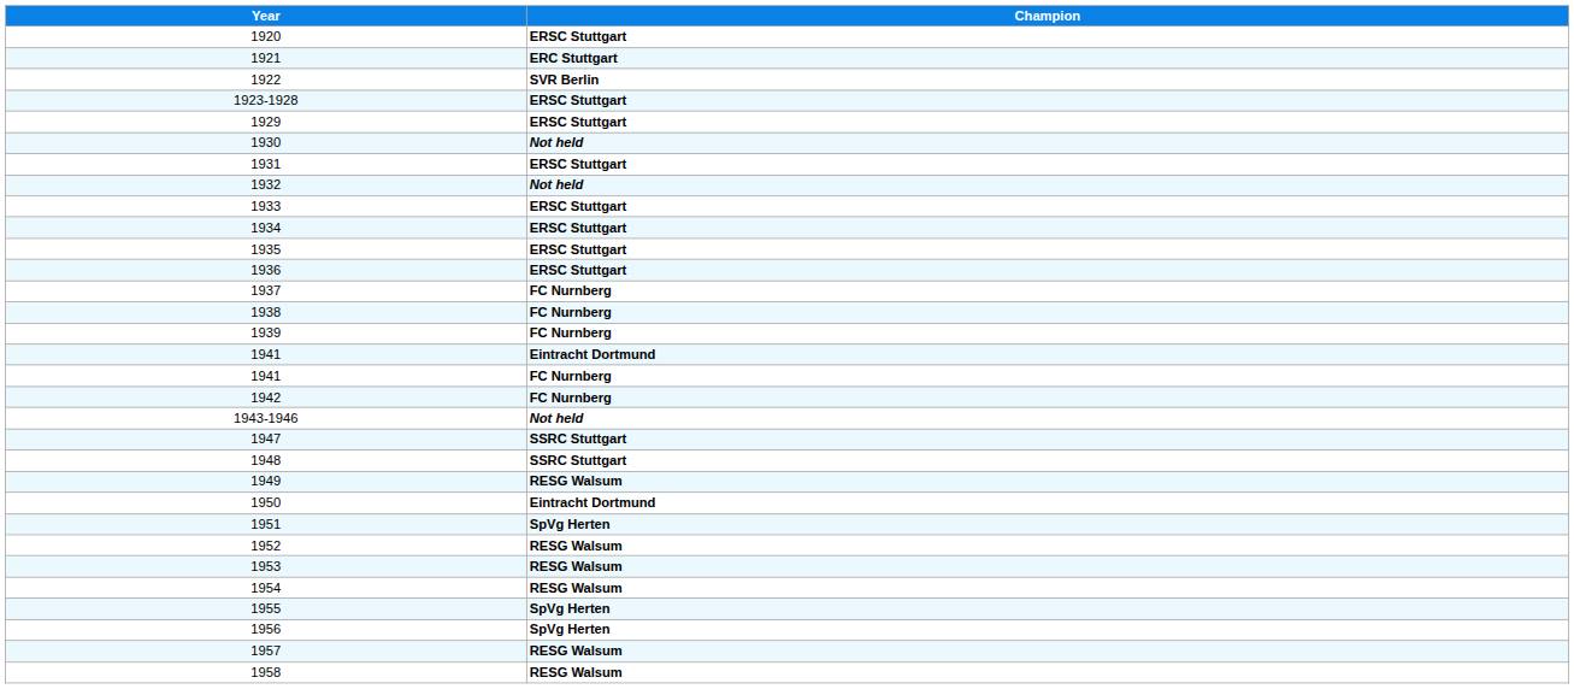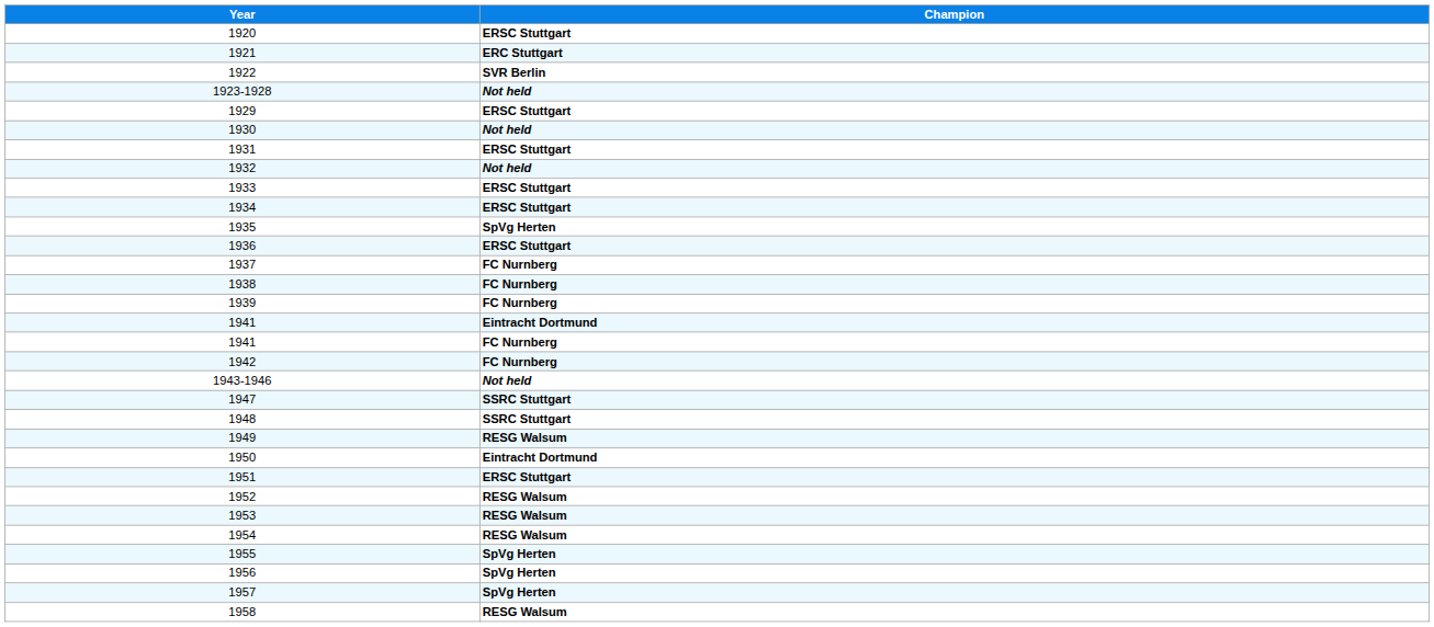 <table class="wikitable" style="font-size:85%; width:100%">
 <tr>
 <th width="33%" style="background:#0981E7;color:#FFFFFF">Year</th>
 <th width="66%" style="background:#0981E7;color:#FFFFFF">Champion</th>
 </tr>
 <tr bgcolor=#FFFFFF>
 <td align="center">1920</td>
 <td><strong>ERSC Stuttgart</strong></td>
 </tr>
 <tr bgcolor="#EBF8FD">
 <td align="center">1921</td>
 <td><strong>ERC Stuttgart</strong></td>
 </tr>
 <tr bgcolor=#FFFFFF>
 <td align="center">1922</td>
 <td><strong>SVR Berlin</strong></td>
 </tr>
 <tr bgcolor="#EBF8FD">
 <td align="center">1923-1928</td>
-<td><strong>ERSC Stuttgart</strong></td>
+<td><strong><em>Not held</em></strong></td>
 </tr>
 <tr bgcolor=#FFFFFF>
 <td align="center">1929</td>
 <td><strong>ERSC Stuttgart</strong></td>
 </tr>
 <tr bgcolor="#EBF8FD">
 <td align="center">1930</td>
 <td><strong><em>Not held</em></strong></td>
 </tr>
 <tr bgcolor=#FFFFFF>
 <td align="center">1931</td>
 <td><strong>ERSC Stuttgart</strong></td>
 </tr>
 <tr bgcolor="#EBF8FD">
 <td align="center">1932</td>
 <td><strong><em>Not held</em></strong></td>
 </tr>
 <tr bgcolor=#FFFFFF>
 <td align="center">1933</td>
 <td><strong>ERSC Stuttgart</strong></td>
 </tr>
 <tr bgcolor="#EBF8FD">
 <td align="center">1934</td>
 <td><strong>ERSC Stuttgart</strong></td>
 </tr>
 <tr bgcolor=#FFFFFF>
 <td align="center">1935</td>
-<td><strong>ERSC Stuttgart</strong></td>
+<td><strong>SpVg Herten</strong></td>
 </tr>
 <tr bgcolor="#EBF8FD">
 <td align="center">1936</td>
 <td><strong>ERSC Stuttgart</strong></td>
 </tr>
 <tr bgcolor=#FFFFFF>
 <td align="center">1937</td>
 <td><strong>FC Nurnberg</strong></td>
 </tr>
 <tr bgcolor="#EBF8FD">
 <td align="center">1938</td>
 <td><strong>FC Nurnberg</strong></td>
 </tr>
 <tr bgcolor=#FFFFFF>
 <td align="center">1939</td>
 <td><strong>FC Nurnberg</strong></td>
 </tr>
 <tr bgcolor="#EBF8FD">
 <td align="center">1941</td>
 <td><strong>Eintracht Dortmund</strong></td>
 </tr>
 <tr bgcolor=#FFFFFF>
 <td align="center">1941</td>
 <td><strong>FC Nurnberg</strong></td>
 </tr>
 <tr bgcolor="#EBF8FD">
 <td align="center">1942</td>
 <td><strong>FC Nurnberg</strong></td>
 </tr>
 <tr bgcolor=#FFFFFF>
 <td align="center">1943-1946</td>
 <td><strong><em>Not held</em></strong></td>
 </tr>
 <tr bgcolor="#EBF8FD">
 <td align="center">1947</td>
 <td><strong>SSRC Stuttgart</strong></td>
 </tr>
 <tr bgcolor=#FFFFFF>
 <td align="center">1948</td>
 <td><strong>SSRC Stuttgart</strong></td>
 </tr>
 <tr bgcolor="#EBF8FD">
 <td align="center">1949</td>
 <td><strong>RESG Walsum</strong></td>
 </tr>
 <tr bgcolor=#FFFFFF>
 <td align="center">1950</td>
 <td><strong>Eintracht Dortmund</strong></td>
 </tr>
 <tr bgcolor="#EBF8FD">
 <td align="center">1951</td>
-<td><strong>SpVg Herten</strong></td>
+<td><strong>ERSC Stuttgart</strong></td>
 </tr>
 <tr bgcolor=#FFFFFF>
 <td align="center">1952</td>
 <td><strong>RESG Walsum</strong></td>
 </tr>
 <tr bgcolor="#EBF8FD">
 <td align="center">1953</td>
 <td><strong>RESG Walsum</strong></td>
 </tr>
 <tr bgcolor=#FFFFFF>
 <td align="center">1954</td>
 <td><strong>RESG Walsum</strong></td>
 </tr>
 <tr bgcolor="#EBF8FD">
 <td align="center">1955</td>
 <td><strong>SpVg Herten</strong></td>
 </tr>
 <tr bgcolor=#FFFFFF>
 <td align="center">1956</td>
 <td><strong>SpVg Herten</strong></td>
 </tr>
 <tr bgcolor="#EBF8FD">
 <td align="center">1957</td>
-<td><strong>RESG Walsum</strong></td>
+<td><strong>SpVg Herten</strong></td>
 </tr>
 <tr bgcolor=#FFFFFF>
 <td align="center">1958</td>
 <td><strong>RESG Walsum</strong></td>
 </tr>
 </table>
